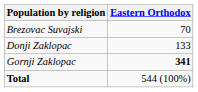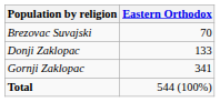 <table class="wikitable sortable">
 <tr>
 <th>Population by religion</th>
 <th><a href='#'>Eastern Orthodox</a></th>
 </tr>
 <tr>
 <td><em>Brezovac Suvajski</em></td>
 <td align="right">70</td>
 </tr>
 <tr>
 <td><em>Donji Zaklopac</em></td>
 <td align="right">133</td>
 </tr>
 <tr>
 <td><em>Gornji Zaklopac</em></td>
-<td align="right"><strong>341</strong></td>
+<td align="right">341</td>
 </tr>
 <tr>
 <td><strong>Total</strong></td>
 <td align="right">544 (100%)</td>
 </tr>
 </table>
